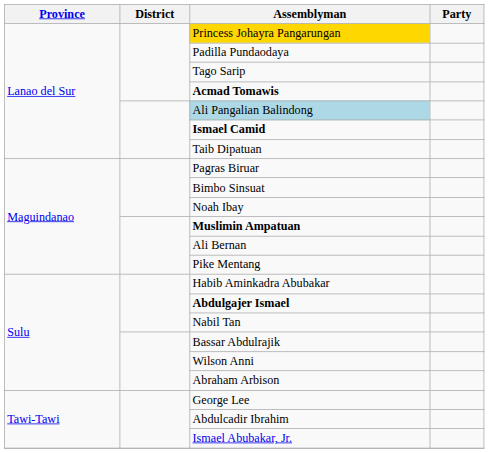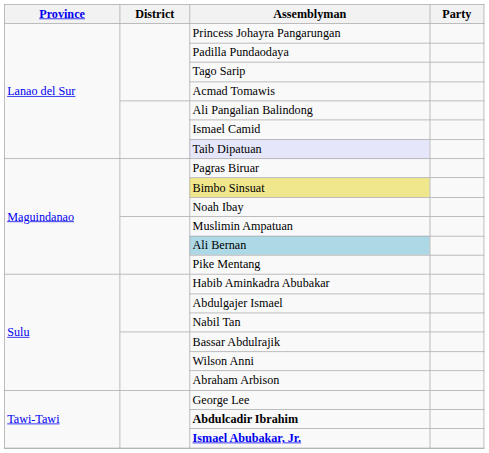 <table class="wikitable" width=50%; colspan= 4>
 <tr>
 <th><a href='#'>Province</a></th>
 <th>District</th>
 <th>Assemblyman</th>
 <th>Party</th>
 </tr>
 <tr>
 <td rowspan=7><a href='#'>Lanao del Sur</a></td>
 <td rowspan=4></td>
-<td style="background: gold;">Princess Johayra Pangarungan</td>
+<td>Princess Johayra Pangarungan</td>
 <td></td>
 </tr>
 <tr>
 <td>Padilla Pundaodaya</td>
 <td></td>
 </tr>
 <tr>
 <td>Tago Sarip</td>
 <td></td>
 </tr>
 <tr>
-<td><strong>Acmad Tomawis</strong></td>
+<td>Acmad Tomawis</td>
 <td></td>
 </tr>
 <tr>
 <td rowspan=3></td>
-<td style="background: lightblue;">Ali Pangalian Balindong</td>
+<td>Ali Pangalian Balindong</td>
 <td></td>
 </tr>
 <tr>
-<td><strong>Ismael Camid</strong></td>
+<td>Ismael Camid</td>
 <td></td>
 </tr>
 <tr>
-<td>Taib Dipatuan</td>
+<td style="background: lavender;">Taib Dipatuan</td>
 <td></td>
 </tr>
 <tr>
 <td rowspan=6><a href='#'>Maguindanao</a></td>
 <td rowspan=3></td>
 <td>Pagras Biruar</td>
 <td></td>
 </tr>
 <tr>
-<td>Bimbo Sinsuat</td>
+<td style="background: khaki;">Bimbo Sinsuat</td>
 <td></td>
 </tr>
 <tr>
 <td>Noah Ibay</td>
 <td></td>
 </tr>
 <tr>
 <td rowspan=3></td>
-<td><strong>Muslimin Ampatuan</strong></td>
+<td>Muslimin Ampatuan</td>
 <td></td>
 </tr>
 <tr>
-<td>Ali Bernan</td>
+<td style="background: lightblue;">Ali Bernan</td>
 <td></td>
 </tr>
 <tr>
 <td>Pike Mentang</td>
 <td></td>
 </tr>
 <tr>
 <td rowspan=6><a href='#'>Sulu</a></td>
 <td rowspan=3></td>
 <td>Habib Aminkadra Abubakar</td>
 <td></td>
 </tr>
 <tr>
-<td><strong>Abdulgajer Ismael</strong></td>
+<td>Abdulgajer Ismael</td>
 <td></td>
 </tr>
 <tr>
 <td>Nabil Tan</td>
 <td></td>
 </tr>
 <tr>
 <td rowspan=3></td>
 <td>Bassar Abdulrajik</td>
 <td></td>
 </tr>
 <tr>
 <td>Wilson Anni</td>
 <td></td>
 </tr>
 <tr>
 <td>Abraham  Arbison</td>
 <td></td>
 </tr>
 <tr>
 <td rowspan=3><a href='#'>Tawi-Tawi</a></td>
 <td rowspan=3></td>
 <td>George Lee</td>
 <td></td>
 </tr>
 <tr>
-<td>Abdulcadir Ibrahim</td>
+<td><strong>Abdulcadir Ibrahim</strong></td>
 <td></td>
 </tr>
 <tr>
-<td><a href='#'>Ismael Abubakar, Jr.</a></td>
+<td><strong><a href='#'>Ismael Abubakar, Jr.</a></strong></td>
 <td></td>
 </tr>
 <tr>
 </tr>
 </table>
